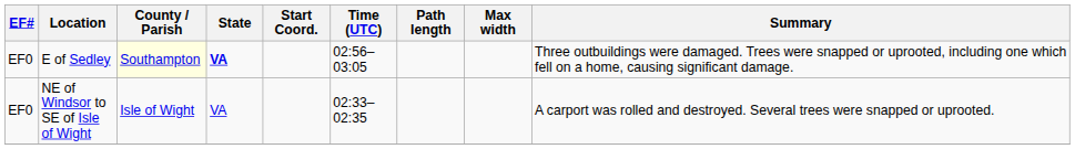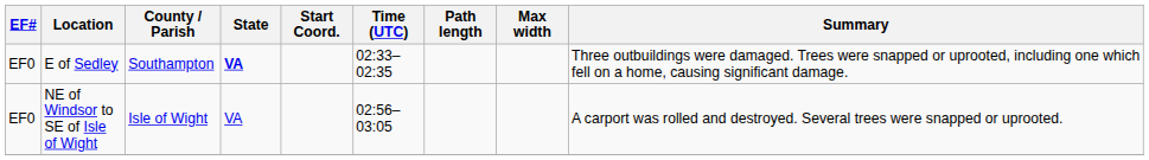 <table class="wikitable sortable" style="width:100%;">
 <tr>
 <th scope="col"  style="width:3%; text-align:center;"><a href='#'>EF#</a></th>
 <th scope="col"  style="width:7%; text-align:center;" class="unsortable">Location</th>
 <th scope="col"  style="width:6%; text-align:center;" class="unsortable">County / Parish</th>
 <th scope="col"  style="width:5%; text-align:center;">State</th>
 <th scope="col"  style="width:6%; text-align:center;">Start Coord.</th>
 <th scope="col"  style="width:6%; text-align:center;">Time (<a href='#'>UTC</a>)</th>
 <th scope="col"  style="width:6%; text-align:center;">Path length</th>
 <th scope="col"  style="width:6%; text-align:center;">Max width</th>
 <th scope="col" class="unsortable" style="width:48%; text-align:center;">Summary</th>
 </tr>
 <tr>
 <td>EF0</td>
 <td>E of <a href='#'>Sedley</a></td>
-<td style="background: lightyellow;"><a href='#'>Southampton</a></td>
+<td><a href='#'>Southampton</a></td>
 <td><strong><a href='#'>VA</a></strong></td>
 <td></td>
-<td>02:56–03:05</td>
+<td>02:33–02:35</td>
 <td></td>
 <td></td>
 <td>Three outbuildings were damaged. Trees were snapped or uprooted, including one which fell on a home, causing significant damage.</td>
 </tr>
 <tr>
 <td>EF0</td>
 <td>NE of <a href='#'>Windsor</a> to SE of <a href='#'>Isle of Wight</a></td>
 <td><a href='#'>Isle of Wight</a></td>
 <td><a href='#'>VA</a></td>
 <td></td>
-<td>02:33–02:35</td>
+<td>02:56–03:05</td>
 <td></td>
 <td></td>
 <td>A carport was rolled and destroyed. Several trees were snapped or uprooted.</td>
 </tr>
 <tr>
 </tr>
 </table>
